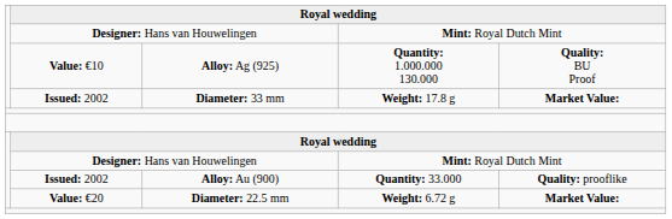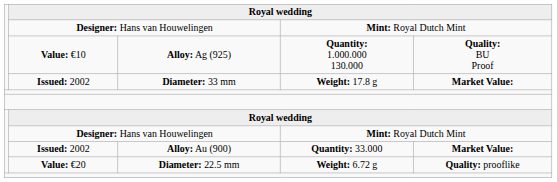 <table class="wikitable" width="100%">
 <tr>
 <td rowspan=4 width="330px" nowrap align=center></td>
 <th colspan="4" align=center style="background:#eeeeee;">Royal wedding</th>
 </tr>
 <tr>
 <td colspan="2" width="50%" align=center><strong>Designer:</strong> Hans van Houwelingen</td>
 <td colspan="2" width="50%" align=center><strong>Mint:</strong> Royal Dutch Mint</td>
 </tr>
 <tr>
 <td align=center><strong>Value:</strong>  €10</td>
 <td align=center><strong>Alloy:</strong> Ag (925)</td>
 <td align=center><strong>Quantity:</strong><br>1.000.000  <br>130.000</td>
 <td align=center><strong>Quality:</strong><br>BU<br> Proof</td>
 </tr>
 <tr>
 <td align=center><strong>Issued:</strong> 2002</td>
 <td align=center><strong>Diameter:</strong> 33 mm</td>
 <td align=center><strong>Weight:</strong> 17.8 g</td>
 <td align=center><strong>Market Value:</strong></td>
 </tr>
 <tr>
 <td colspan="5" align=left></td>
 </tr>
 <tr>
 <td colspan="5" align=left> </td>
 </tr>
 <tr>
 <td rowspan=4 width="330px" nowrap align=center></td>
 <th colspan="4" align=center style="background:#eeeeee;">Royal wedding</th>
 </tr>
 <tr>
 <td colspan="2" width="50%" align=center><strong>Designer:</strong> Hans van Houwelingen</td>
 <td colspan="2" width="50%" align=center><strong>Mint:</strong> Royal Dutch Mint</td>
 </tr>
 <tr>
 <td align=center><strong>Issued:</strong> 2002</td>
 <td align=center><strong>Alloy:</strong> Au (900)</td>
 <td align=center><strong>Quantity:</strong> 33.000</td>
-<td align=center><strong>Quality:</strong> prooflike</td>
+<td align=center><strong>Market Value:</strong></td>
 </tr>
 <tr>
 <td align=center><strong>Value:</strong>  €20</td>
 <td align=center><strong>Diameter:</strong> 22.5 mm</td>
 <td align=center><strong>Weight:</strong> 6.72 g</td>
-<td align=center><strong>Market Value:</strong></td>
+<td align=center><strong>Quality:</strong> prooflike</td>
 </tr>
 <tr>
 <td colspan="5" align=left></td>
 </tr>
 </table>
